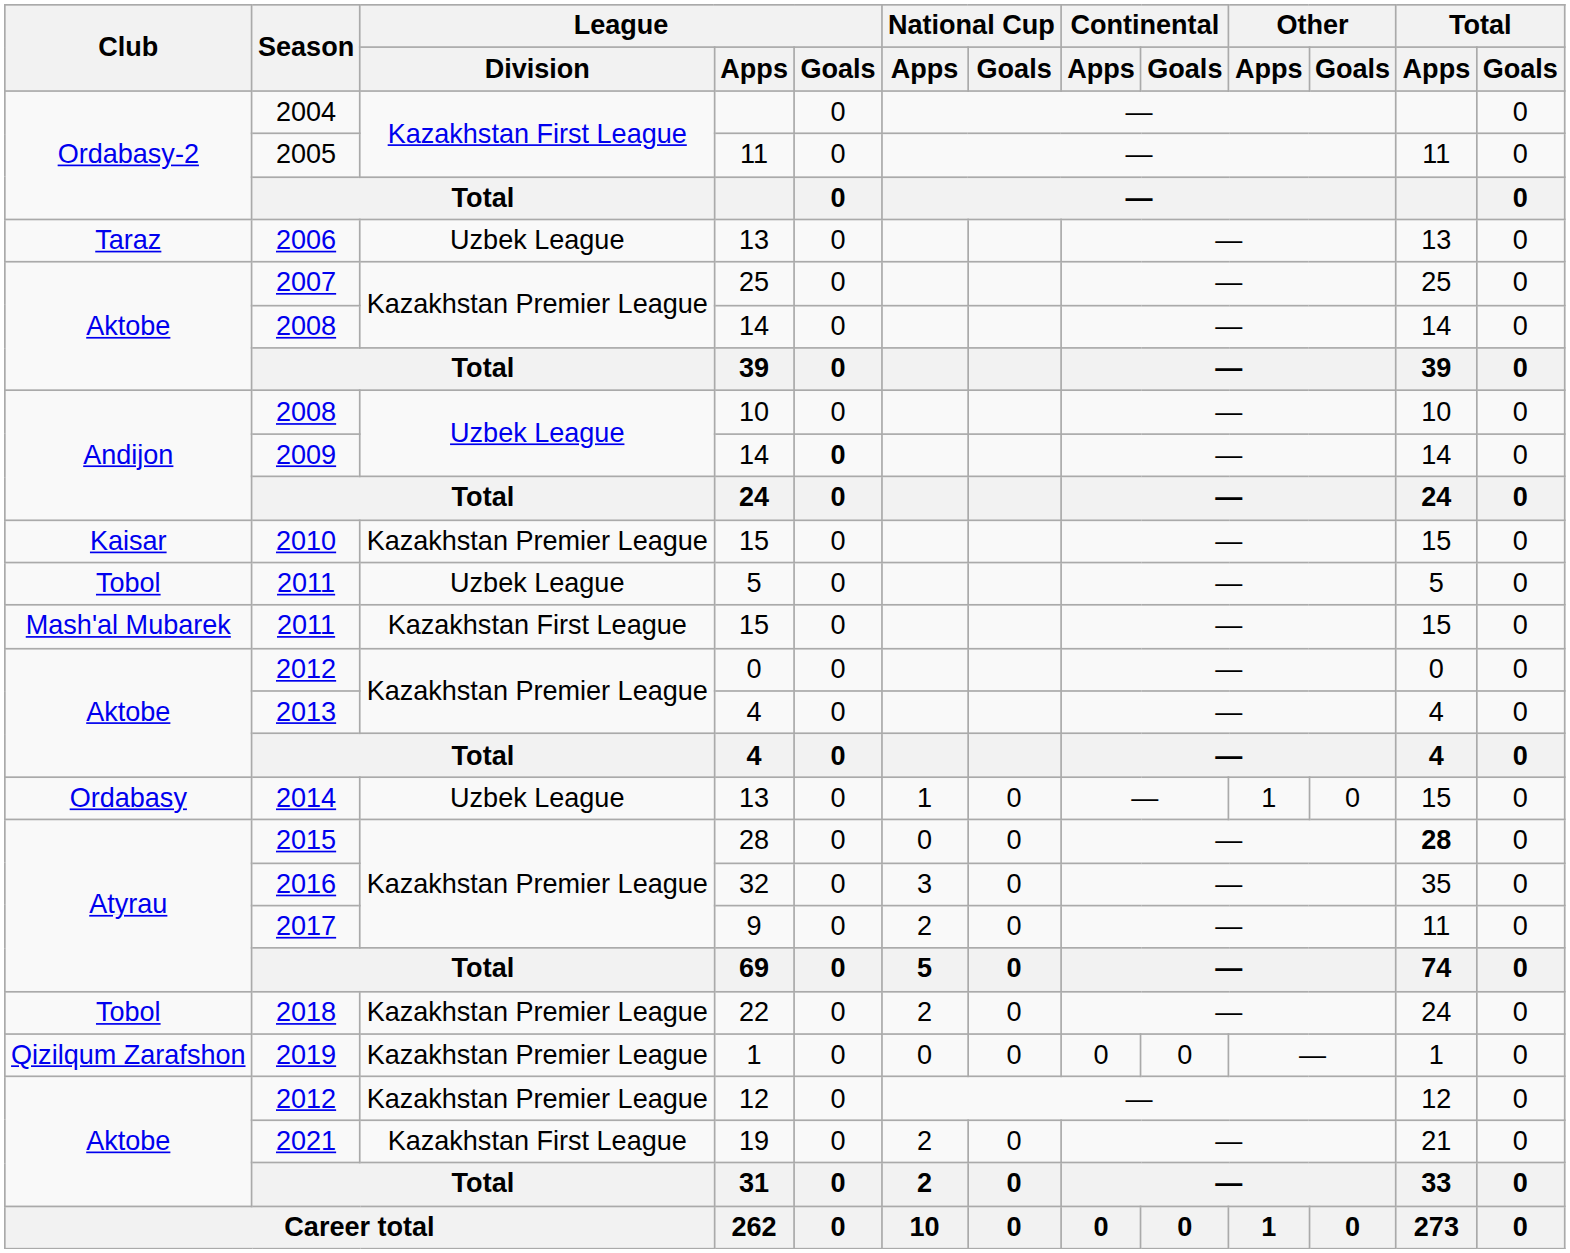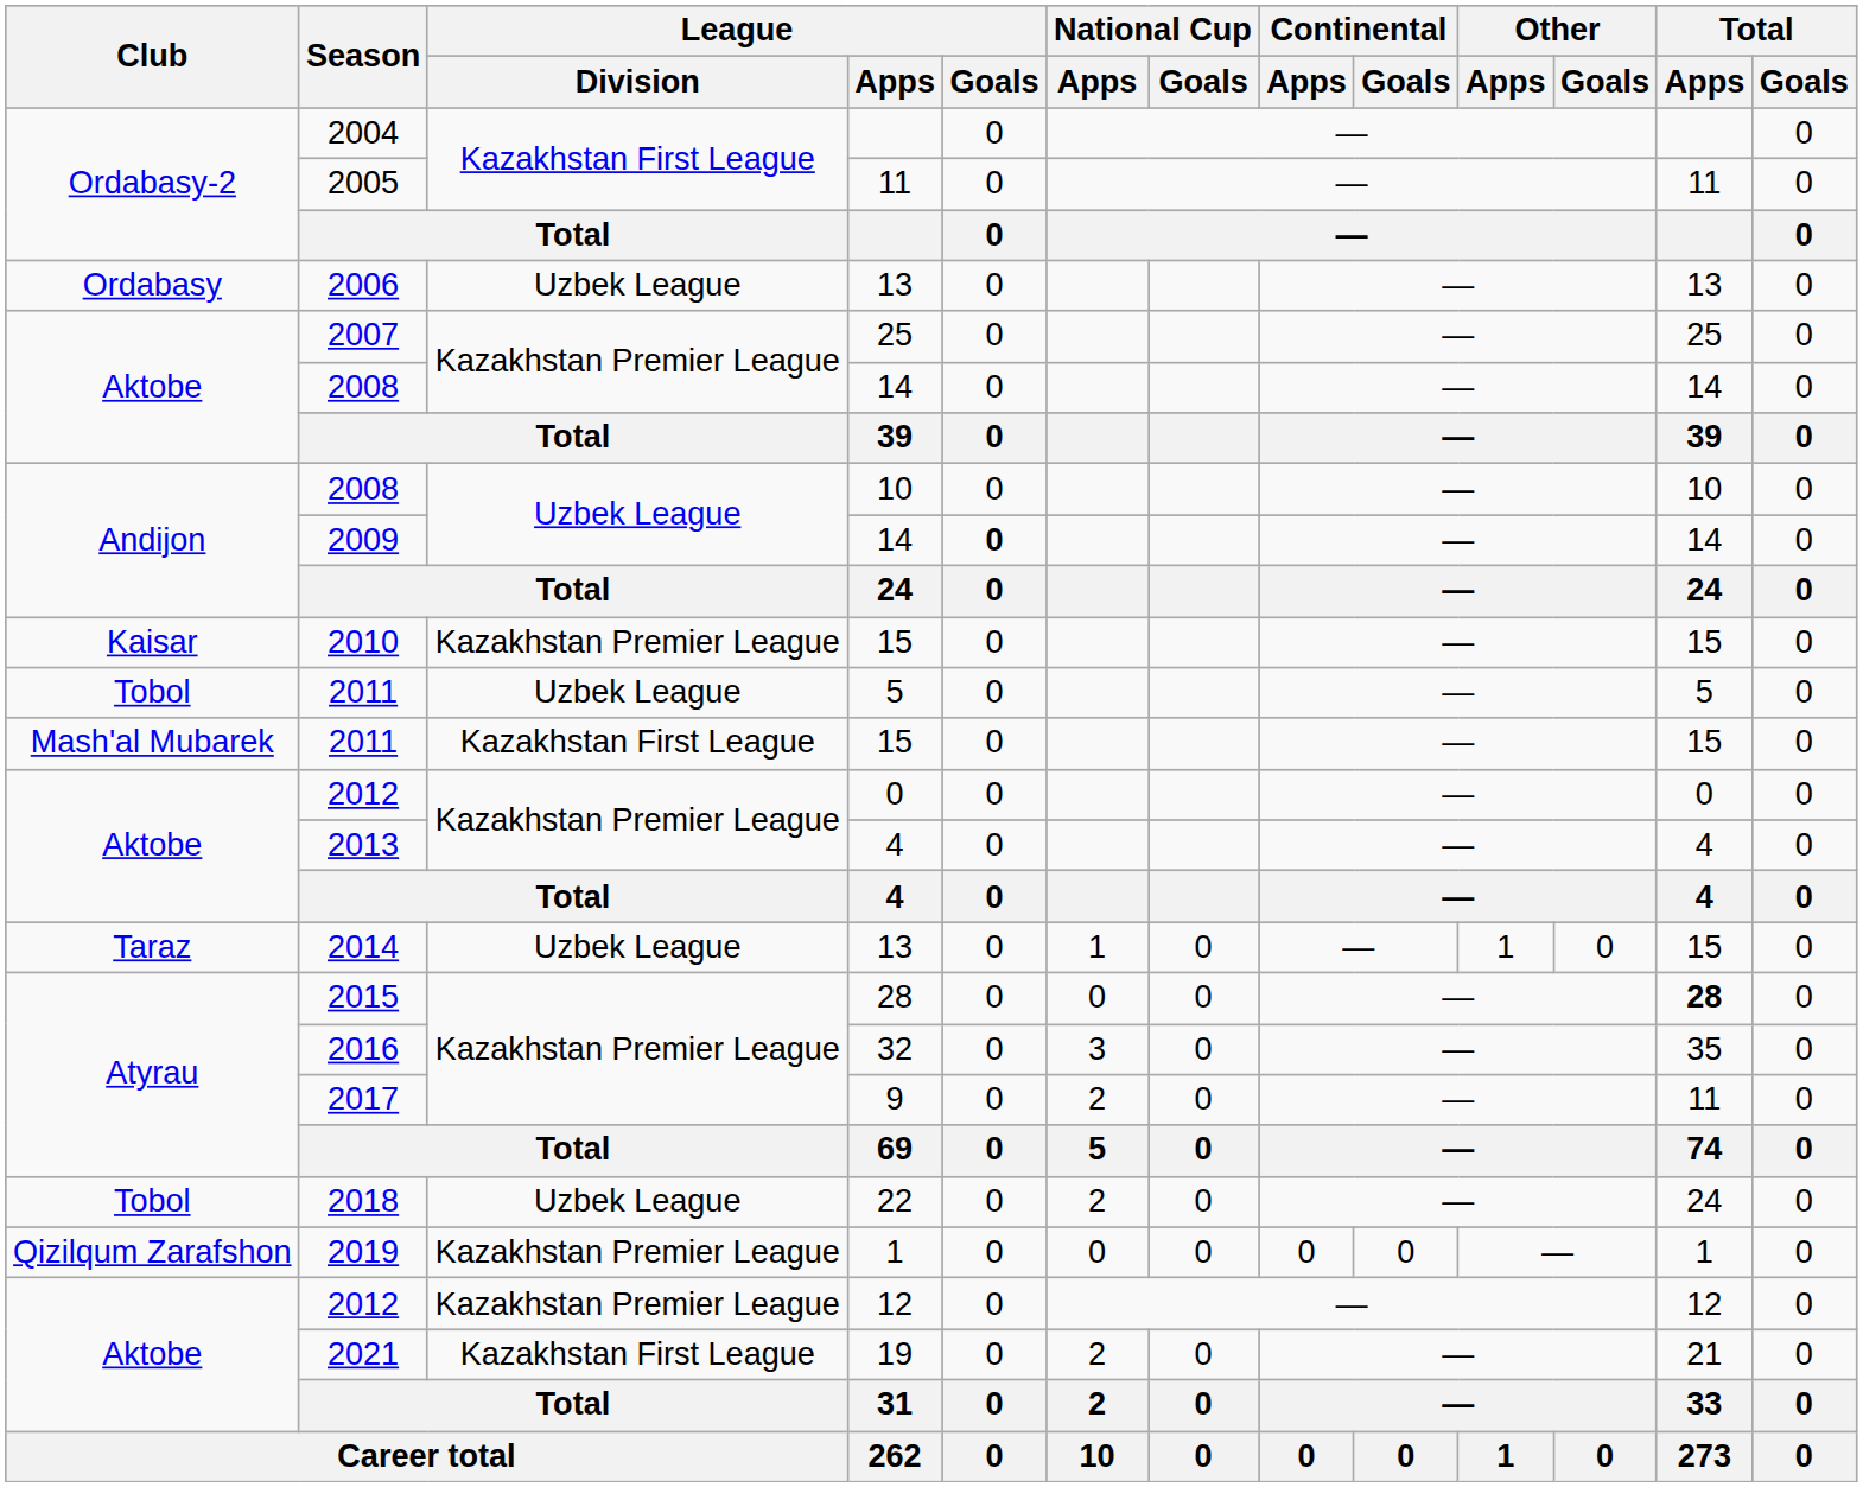 <table class="wikitable" style="text-align:center">
 <tr>
 <th rowspan="2">Club</th>
 <th rowspan="2">Season</th>
 <th colspan="3">League</th>
 <th colspan="2">National Cup</th>
 <th colspan="2">Continental</th>
 <th colspan="2">Other</th>
 <th colspan="2">Total</th>
 </tr>
 <tr>
 <th>Division</th>
 <th>Apps</th>
 <th>Goals</th>
 <th>Apps</th>
 <th>Goals</th>
 <th>Apps</th>
 <th>Goals</th>
 <th>Apps</th>
 <th>Goals</th>
 <th>Apps</th>
 <th>Goals</th>
 </tr>
 <tr>
 <td rowspan="3"><a href='#'>Ordabasy-2</a></td>
 <td>2004</td>
 <td rowspan="2"><a href='#'>Kazakhstan First League</a></td>
 <td></td>
 <td>0</td>
 <td colspan="6">—</td>
 <td></td>
 <td>0</td>
 </tr>
 <tr>
 <td>2005</td>
 <td>11</td>
 <td>0</td>
 <td colspan="6">—</td>
 <td>11</td>
 <td>0</td>
 </tr>
 <tr>
 <th colspan="2">Total</th>
 <th></th>
 <th>0</th>
 <th colspan="6">—</th>
 <th></th>
 <th>0</th>
 </tr>
 <tr>
-<td><a href='#'>Taraz</a></td>
+<td><a href='#'>Ordabasy</a></td>
 <td><a href='#'>2006</a></td>
 <td>Uzbek League</td>
 <td>13</td>
 <td>0</td>
 <td></td>
 <td></td>
 <td colspan="4">—</td>
 <td>13</td>
 <td>0</td>
 </tr>
 <tr>
 <td rowspan="3"><a href='#'>Aktobe</a></td>
 <td><a href='#'>2007</a></td>
 <td rowspan="2">Kazakhstan Premier League</td>
 <td>25</td>
 <td>0</td>
 <td></td>
 <td></td>
 <td colspan="4">—</td>
 <td>25</td>
 <td>0</td>
 </tr>
 <tr>
 <td><a href='#'>2008</a></td>
 <td>14</td>
 <td>0</td>
 <td></td>
 <td></td>
 <td colspan="4">—</td>
 <td>14</td>
 <td>0</td>
 </tr>
 <tr>
 <th colspan="2">Total</th>
 <th>39</th>
 <th>0</th>
 <th></th>
 <th></th>
 <th colspan="4">—</th>
 <th>39</th>
 <th>0</th>
 </tr>
 <tr>
 <td rowspan="3"><a href='#'>Andijon</a></td>
 <td><a href='#'>2008</a></td>
 <td rowspan="2"><a href='#'>Uzbek League</a></td>
 <td>10</td>
 <td>0</td>
 <td></td>
 <td></td>
 <td colspan="4">—</td>
 <td>10</td>
 <td>0</td>
 </tr>
 <tr>
 <td><a href='#'>2009</a></td>
 <td>14</td>
 <td><strong>0</strong></td>
 <td></td>
 <td></td>
 <td colspan="4">—</td>
 <td>14</td>
 <td>0</td>
 </tr>
 <tr>
 <th colspan="2">Total</th>
 <th>24</th>
 <th>0</th>
 <th></th>
 <th></th>
 <th colspan="4">—</th>
 <th>24</th>
 <th>0</th>
 </tr>
 <tr>
 <td><a href='#'>Kaisar</a></td>
 <td><a href='#'>2010</a></td>
 <td>Kazakhstan Premier League</td>
 <td>15</td>
 <td>0</td>
 <td></td>
 <td></td>
 <td colspan="4">—</td>
 <td>15</td>
 <td>0</td>
 </tr>
 <tr>
 <td><a href='#'>Tobol</a></td>
 <td><a href='#'>2011</a></td>
 <td>Uzbek League</td>
 <td>5</td>
 <td>0</td>
 <td></td>
 <td></td>
 <td colspan="4">—</td>
 <td>5</td>
 <td>0</td>
 </tr>
 <tr>
 <td><a href='#'>Mash'al Mubarek</a></td>
 <td><a href='#'>2011</a></td>
 <td>Kazakhstan First League</td>
 <td>15</td>
 <td>0</td>
 <td></td>
 <td></td>
 <td colspan="4">—</td>
 <td>15</td>
 <td>0</td>
 </tr>
 <tr>
 <td rowspan="3"><a href='#'>Aktobe</a></td>
 <td><a href='#'>2012</a></td>
 <td rowspan="2">Kazakhstan Premier League</td>
 <td>0</td>
 <td>0</td>
 <td></td>
 <td></td>
 <td colspan="4">—</td>
 <td>0</td>
 <td>0</td>
 </tr>
 <tr>
 <td><a href='#'>2013</a></td>
 <td>4</td>
 <td>0</td>
 <td></td>
 <td></td>
 <td colspan="4">—</td>
 <td>4</td>
 <td>0</td>
 </tr>
 <tr>
 <th colspan="2">Total</th>
 <th>4</th>
 <th>0</th>
 <th></th>
 <th></th>
 <th colspan="4">—</th>
 <th>4</th>
 <th>0</th>
 </tr>
 <tr>
-<td><a href='#'>Ordabasy</a></td>
+<td><a href='#'>Taraz</a></td>
 <td><a href='#'>2014</a></td>
 <td>Uzbek League</td>
 <td>13</td>
 <td>0</td>
 <td>1</td>
 <td>0</td>
 <td colspan="2">—</td>
 <td>1</td>
 <td>0</td>
 <td>15</td>
 <td>0</td>
 </tr>
 <tr>
 <td rowspan="4"><a href='#'>Atyrau</a></td>
 <td><a href='#'>2015</a></td>
 <td rowspan="3">Kazakhstan Premier League</td>
 <td>28</td>
 <td>0</td>
 <td>0</td>
 <td>0</td>
 <td colspan="4">—</td>
 <td><strong>28</strong></td>
 <td>0</td>
 </tr>
 <tr>
 <td><a href='#'>2016</a></td>
 <td>32</td>
 <td>0</td>
 <td>3</td>
 <td>0</td>
 <td colspan="4">—</td>
 <td>35</td>
 <td>0</td>
 </tr>
 <tr>
 <td><a href='#'>2017</a></td>
 <td>9</td>
 <td>0</td>
 <td>2</td>
 <td>0</td>
 <td colspan="4">—</td>
 <td>11</td>
 <td>0</td>
 </tr>
 <tr>
 <th colspan="2">Total</th>
 <th>69</th>
 <th>0</th>
 <th>5</th>
 <th>0</th>
 <th colspan="4">—</th>
 <th>74</th>
 <th>0</th>
 </tr>
 <tr>
 <td><a href='#'>Tobol</a></td>
 <td><a href='#'>2018</a></td>
-<td>Kazakhstan Premier League</td>
+<td>Uzbek League</td>
 <td>22</td>
 <td>0</td>
 <td>2</td>
 <td>0</td>
 <td colspan="4">—</td>
 <td>24</td>
 <td>0</td>
 </tr>
 <tr>
 <td><a href='#'>Qizilqum Zarafshon</a></td>
 <td><a href='#'>2019</a></td>
 <td>Kazakhstan Premier League</td>
 <td>1</td>
 <td>0</td>
 <td>0</td>
 <td>0</td>
 <td>0</td>
 <td>0</td>
 <td colspan="2">—</td>
 <td>1</td>
 <td>0</td>
 </tr>
 <tr>
 <td rowspan="3"><a href='#'>Aktobe</a></td>
 <td><a href='#'>2012</a></td>
 <td>Kazakhstan Premier League</td>
 <td>12</td>
 <td>0</td>
 <td colspan="6">—</td>
 <td>12</td>
 <td>0</td>
 </tr>
 <tr>
 <td><a href='#'>2021</a></td>
 <td>Kazakhstan First League</td>
 <td>19</td>
 <td>0</td>
 <td>2</td>
 <td>0</td>
 <td colspan="4">—</td>
 <td>21</td>
 <td>0</td>
 </tr>
 <tr>
 <th colspan="2">Total</th>
 <th>31</th>
 <th>0</th>
 <th>2</th>
 <th>0</th>
 <th colspan="4">—</th>
 <th>33</th>
 <th>0</th>
 </tr>
 <tr>
 <th colspan="3">Career total</th>
 <th>262</th>
 <th>0</th>
 <th>10</th>
 <th>0</th>
 <th>0</th>
 <th>0</th>
 <th>1</th>
 <th>0</th>
 <th>273</th>
 <th>0</th>
 </tr>
 </table>
